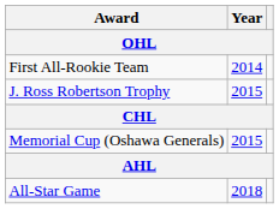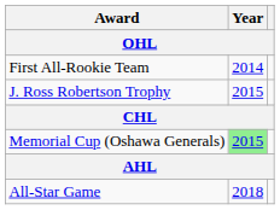 <table class="wikitable">
 <tr>
 <th>Award</th>
 <th>Year</th>
 <th></th>
 </tr>
 <tr ALIGN="center" bgcolor="#e0e0e0">
 <th colspan="3"><a href='#'>OHL</a></th>
 </tr>
 <tr>
 <td>First All-Rookie Team</td>
 <td><a href='#'>2014</a></td>
 <td></td>
 </tr>
 <tr>
 <td><a href='#'>J. Ross Robertson Trophy</a></td>
 <td><a href='#'>2015</a></td>
 <td></td>
 </tr>
 <tr ALIGN="center" bgcolor="#e0e0e0">
 <th colspan="3"><a href='#'>CHL</a></th>
 </tr>
 <tr>
 <td><a href='#'>Memorial Cup</a> (Oshawa Generals)</td>
-<td><a href='#'>2015</a></td>
+<td style="background: lightgreen;"><a href='#'>2015</a></td>
 <td></td>
 </tr>
 <tr>
 <th colspan="3"><a href='#'>AHL</a></th>
 </tr>
 <tr>
 <td><a href='#'>All-Star Game</a></td>
 <td><a href='#'>2018</a></td>
 <td></td>
 </tr>
 </table>
